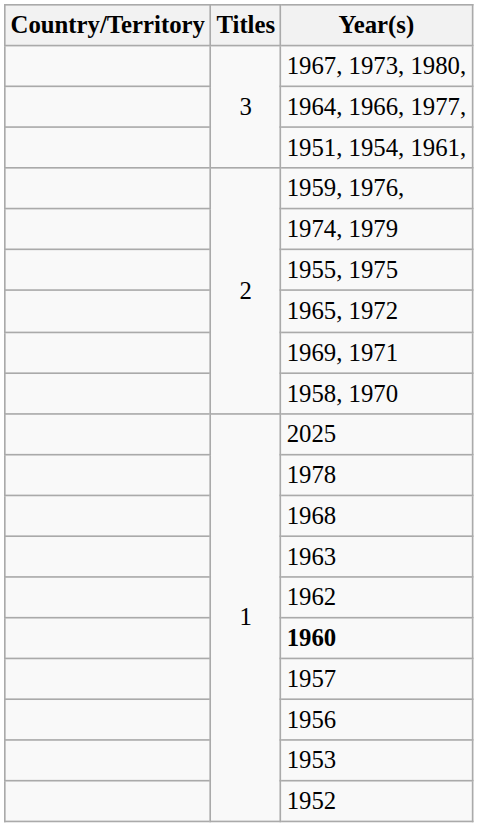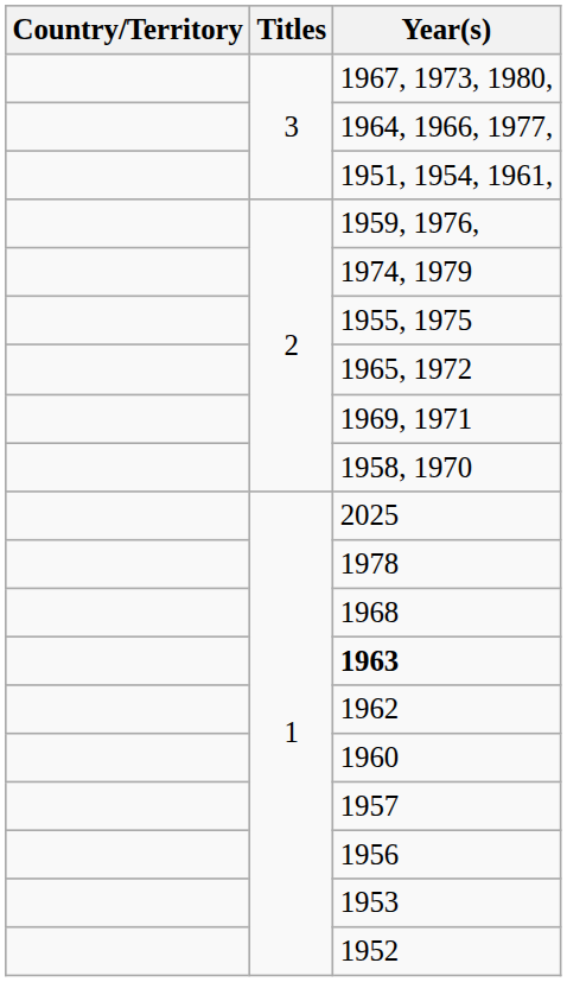 <table class="wikitable sortable" style="font-size: 95%;">
 <tr>
 <th>Country/Territory</th>
 <th>Titles</th>
 <th>Year(s)</th>
 </tr>
 <tr>
 <td></td>
 <td rowspan="3" style="text-align:center;">3</td>
 <td>1967, 1973, 1980,</td>
 </tr>
 <tr>
 <td></td>
 <td>1964, 1966, 1977,</td>
 </tr>
 <tr>
 <td></td>
 <td>1951, 1954, 1961,</td>
 </tr>
 <tr>
 <td></td>
 <td rowspan="6" style="text-align:center;">2</td>
 <td>1959, 1976,</td>
 </tr>
 <tr>
 <td></td>
 <td>1974, 1979</td>
 </tr>
 <tr>
 <td></td>
 <td>1955, 1975</td>
 </tr>
 <tr>
 <td></td>
 <td>1965, 1972</td>
 </tr>
 <tr>
 <td></td>
 <td>1969, 1971</td>
 </tr>
 <tr>
 <td></td>
 <td>1958, 1970</td>
 </tr>
 <tr>
 <td></td>
 <td rowspan="10" style="text-align:center;">1</td>
 <td>2025</td>
 </tr>
 <tr>
 <td></td>
 <td>1978</td>
 </tr>
 <tr>
 <td></td>
 <td>1968</td>
 </tr>
 <tr>
 <td></td>
-<td>1963</td>
+<td><strong>1963</strong></td>
 </tr>
 <tr>
 <td></td>
 <td>1962</td>
 </tr>
 <tr>
 <td></td>
-<td><strong>1960</strong></td>
+<td>1960</td>
 </tr>
 <tr>
 <td></td>
 <td>1957</td>
 </tr>
 <tr>
 <td></td>
 <td>1956</td>
 </tr>
 <tr>
 <td></td>
 <td>1953</td>
 </tr>
 <tr>
 <td></td>
 <td>1952</td>
 </tr>
 </table>
